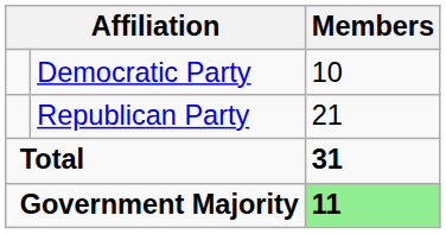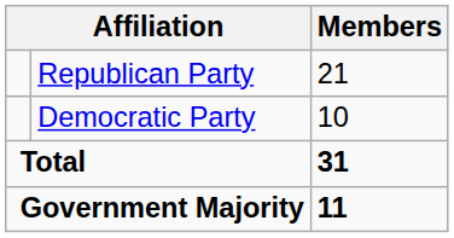 <table class="wikitable">
 <tr>
 <th colspan="2">Affiliation</th>
 <th>Members</th>
 </tr>
 <tr>
 <td style="background-color:"> </td>
-<td><a href='#'>Democratic Party</a></td>
-<td>10</td>
+<td><a href='#'>Republican Party</a></td>
+<td>21</td>
 </tr>
 <tr>
 <td style="background-color:"> </td>
-<td><a href='#'>Republican Party</a></td>
-<td>21</td>
+<td><a href='#'>Democratic Party</a></td>
+<td>10</td>
 </tr>
 <tr>
 <td colspan="2" rowspan="1"> <strong>Total</strong><br></td>
 <td><strong>31</strong></td>
 </tr>
 <tr>
 <td colspan="2" rowspan="1"> <strong>Government Majority</strong><br></td>
-<td style="background: lightgreen;"><strong>11</strong></td>
+<td><strong>11</strong></td>
 </tr>
 </table>
